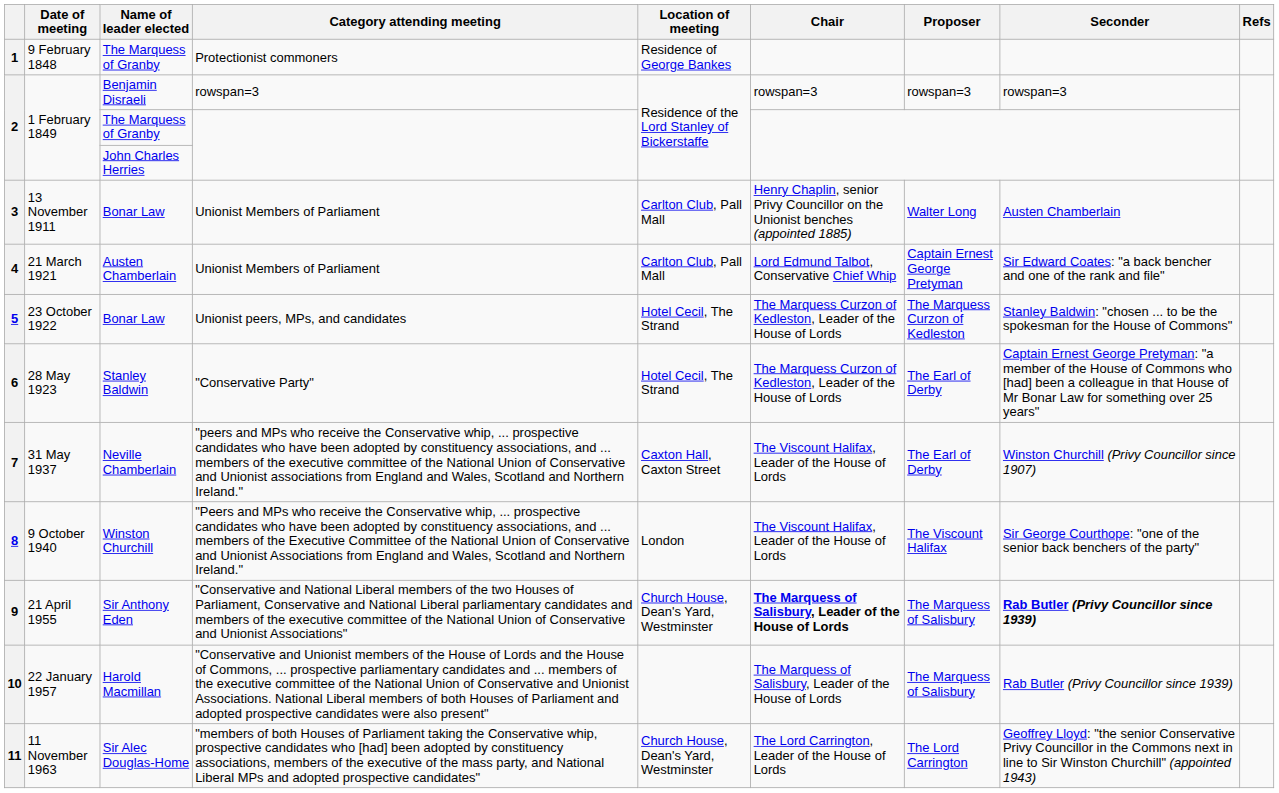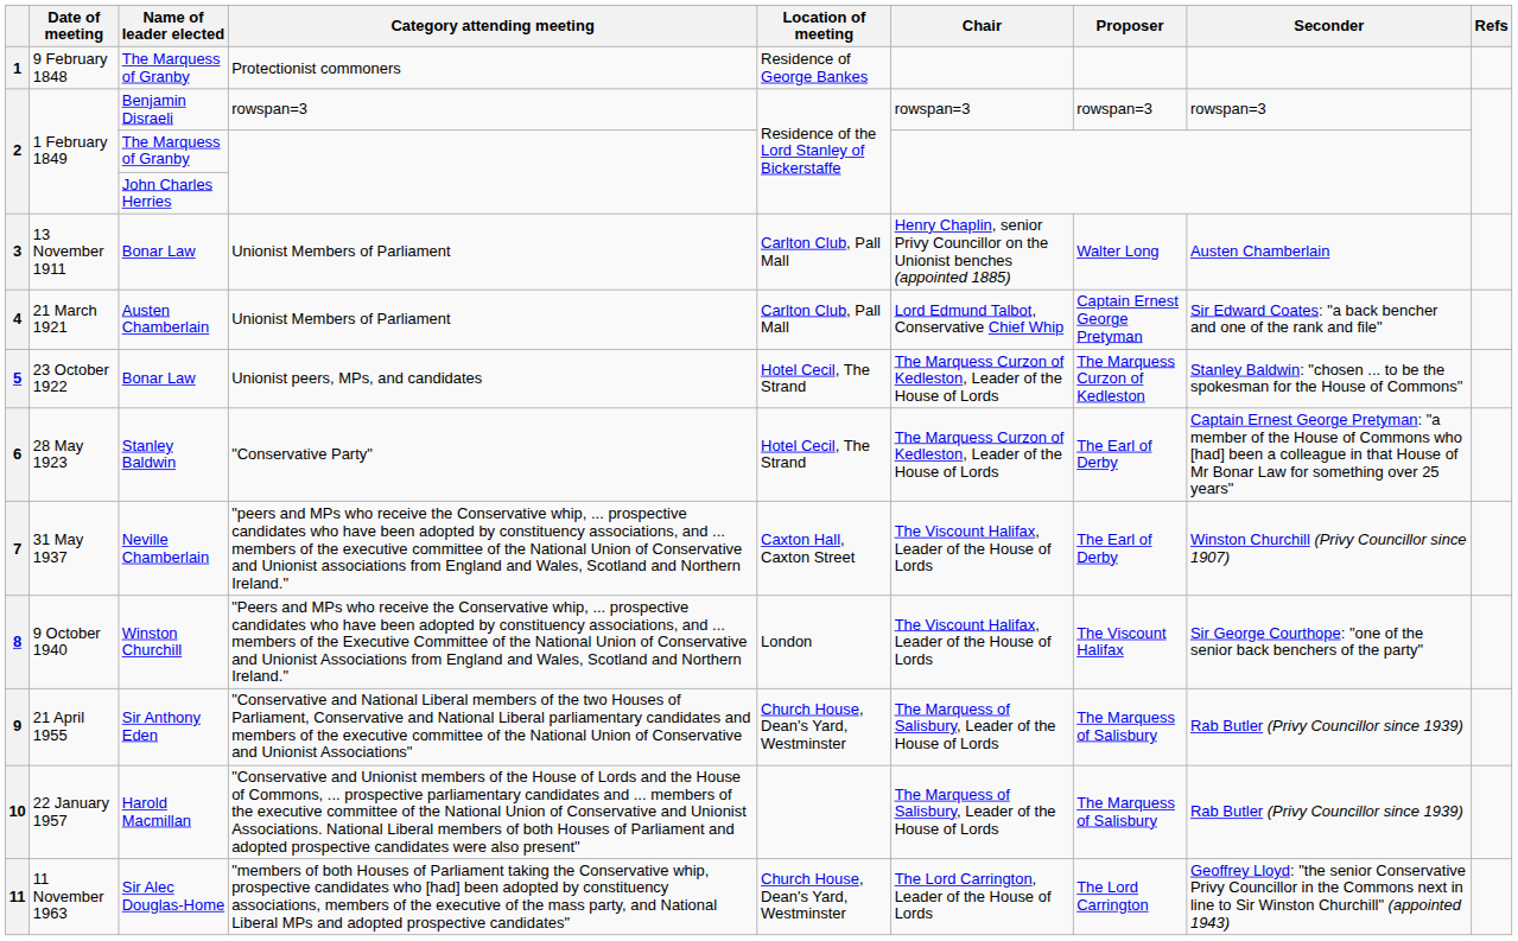 <table class="wikitable sortable">
 <tr>
 <th></th>
 <th>Date of meeting</th>
 <th>Name of leader elected</th>
 <th>Category attending meeting</th>
 <th>Location of meeting</th>
 <th>Chair</th>
 <th>Proposer</th>
 <th>Seconder</th>
 <th>Refs</th>
 </tr>
 <tr>
 <th>1</th>
 <td>9 February 1848</td>
 <td><a href='#'>The Marquess of Granby</a></td>
 <td>Protectionist commoners</td>
 <td>Residence of <a href='#'>George Bankes</a></td>
 <td></td>
 <td></td>
 <td></td>
 <td><br></td>
 </tr>
 <tr>
 <th rowspan=3>2</th>
 <td rowspan=3>1 February 1849</td>
 <td><a href='#'>Benjamin Disraeli</a></td>
 <td>rowspan=3 </td>
 <td rowspan=3>Residence of the <a href='#'>Lord Stanley of Bickerstaffe</a></td>
 <td>rowspan=3 </td>
 <td>rowspan=3 </td>
 <td>rowspan=3 </td>
 <td rowspan=3></td>
 </tr>
 <tr>
 <td><a href='#'>The Marquess of Granby</a></td>
 </tr>
 <tr>
 <td><a href='#'>John Charles Herries</a></td>
 </tr>
 <tr>
 <th>3</th>
 <td>13 November 1911</td>
 <td><a href='#'>Bonar Law</a></td>
 <td>Unionist Members of Parliament</td>
 <td><a href='#'>Carlton Club</a>, Pall Mall</td>
 <td><a href='#'>Henry Chaplin</a>, senior Privy Councillor on the Unionist benches <em>(appointed 1885)</em></td>
 <td><a href='#'>Walter Long</a></td>
 <td><a href='#'>Austen Chamberlain</a></td>
 <td></td>
 </tr>
 <tr>
 <th>4</th>
 <td>21 March 1921</td>
 <td><a href='#'>Austen Chamberlain</a></td>
 <td>Unionist Members of Parliament</td>
 <td><a href='#'>Carlton Club</a>, Pall Mall</td>
 <td><a href='#'>Lord Edmund Talbot</a>, Conservative <a href='#'>Chief Whip</a></td>
 <td><a href='#'>Captain Ernest George Pretyman</a></td>
 <td><a href='#'>Sir Edward Coates</a>: "a back bencher and one of the rank and file"</td>
 <td></td>
 </tr>
 <tr>
 <th><a href='#'>5</a></th>
 <td>23 October 1922</td>
 <td><a href='#'>Bonar Law</a></td>
 <td>Unionist peers, MPs, and candidates</td>
 <td><a href='#'>Hotel Cecil</a>, The Strand</td>
 <td><a href='#'>The Marquess Curzon of Kedleston</a>, Leader of the House of Lords</td>
 <td><a href='#'>The Marquess Curzon of Kedleston</a></td>
 <td><a href='#'>Stanley Baldwin</a>: "chosen ... to be the spokesman for the House of Commons"</td>
 <td></td>
 </tr>
 <tr>
 <th>6</th>
 <td>28 May 1923</td>
 <td><a href='#'>Stanley Baldwin</a></td>
 <td>"Conservative Party"</td>
 <td><a href='#'>Hotel Cecil</a>, The Strand</td>
 <td><a href='#'>The Marquess Curzon of Kedleston</a>, Leader of the House of Lords</td>
 <td><a href='#'>The Earl of Derby</a></td>
 <td><a href='#'>Captain Ernest George Pretyman</a>: "a member of the House of Commons who [had] been a colleague in that House of Mr Bonar Law for something over 25 years"</td>
 <td></td>
 </tr>
 <tr>
 <th>7</th>
 <td>31 May 1937</td>
 <td><a href='#'>Neville Chamberlain</a></td>
 <td>"peers and MPs who receive the Conservative whip, ... prospective candidates who have been adopted by constituency associations, and ... members of the executive committee of the National Union of Conservative and Unionist associations from England and Wales, Scotland and Northern Ireland."</td>
 <td><a href='#'>Caxton Hall</a>, Caxton Street</td>
 <td><a href='#'>The Viscount Halifax</a>, Leader of the House of Lords</td>
 <td><a href='#'>The Earl of Derby</a></td>
 <td><a href='#'>Winston Churchill</a> <em>(Privy Councillor since 1907)</em></td>
 <td></td>
 </tr>
 <tr>
 <th><a href='#'>8</a></th>
 <td>9 October 1940</td>
 <td><a href='#'>Winston Churchill</a></td>
 <td>"Peers and MPs who receive the Conservative whip, ... prospective candidates who have been adopted by constituency associations, and ... members of the Executive Committee of the National Union of Conservative and Unionist Associations from England and Wales, Scotland and Northern Ireland."</td>
 <td>London</td>
 <td><a href='#'>The Viscount Halifax</a>, Leader of the House of Lords</td>
 <td><a href='#'>The Viscount Halifax</a></td>
 <td><a href='#'>Sir George Courthope</a>: "one of the senior back benchers of the party"</td>
 <td></td>
 </tr>
 <tr>
 <th>9</th>
 <td>21 April 1955</td>
 <td><a href='#'>Sir Anthony Eden</a></td>
 <td>"Conservative and National Liberal members of the two Houses of Parliament, Conservative and National Liberal parliamentary candidates and members of the executive committee of the National Union of Conservative and Unionist Associations"</td>
 <td><a href='#'>Church House</a>, Dean's Yard, Westminster</td>
-<td><strong><a href='#'>The Marquess of Salisbury</a>, Leader of the House of Lords</strong></td>
+<td><a href='#'>The Marquess of Salisbury</a>, Leader of the House of Lords</td>
 <td><a href='#'>The Marquess of Salisbury</a></td>
-<td><strong><a href='#'>Rab Butler</a> <em>(Privy Councillor since 1939)</em></strong></td>
+<td><a href='#'>Rab Butler</a> <em>(Privy Councillor since 1939)</em></td>
 <td></td>
 </tr>
 <tr>
 <th>10</th>
 <td>22 January 1957</td>
 <td><a href='#'>Harold Macmillan</a></td>
 <td>"Conservative and Unionist members of the House of Lords and the House of Commons, ... prospective parliamentary candidates and ... members of the executive committee of the National Union of Conservative and Unionist Associations. National Liberal members of both Houses of Parliament and adopted prospective candidates were also present"</td>
 <td></td>
 <td><a href='#'>The Marquess of Salisbury</a>, Leader of the House of Lords</td>
 <td><a href='#'>The Marquess of Salisbury</a></td>
 <td><a href='#'>Rab Butler</a> <em>(Privy Councillor since 1939)</em></td>
 <td></td>
 </tr>
 <tr>
 <th>11</th>
 <td>11 November 1963</td>
 <td><a href='#'>Sir Alec Douglas-Home</a></td>
 <td>"members of both Houses of Parliament taking the Conservative whip, prospective candidates who [had] been adopted by constituency associations, members of the executive of the mass party, and National Liberal MPs and adopted prospective candidates"</td>
 <td><a href='#'>Church House</a>, Dean's Yard, Westminster</td>
 <td><a href='#'>The Lord Carrington</a>, Leader of the House of Lords</td>
 <td><a href='#'>The Lord Carrington</a></td>
 <td><a href='#'>Geoffrey Lloyd</a>: "the senior Conservative Privy Councillor in the Commons next in line to Sir Winston Churchill" <em>(appointed 1943)</em></td>
 <td></td>
 </tr>
 </table>
